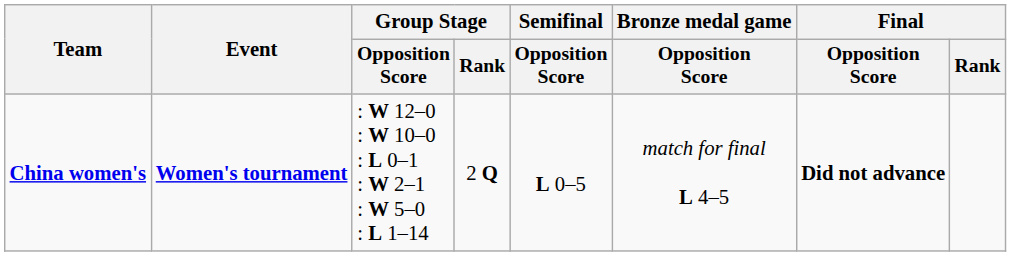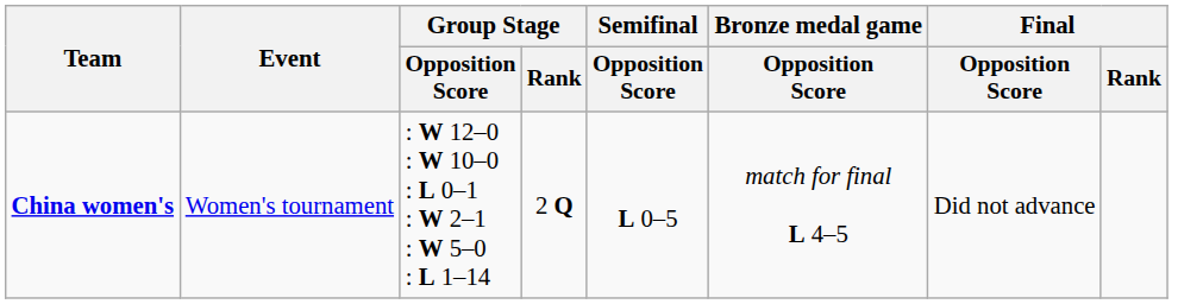 <table class=wikitable style=font-size:90%;text-align:center>
 <tr>
 <th rowspan=2>Team</th>
 <th rowspan=2>Event</th>
 <th colspan=2>Group Stage</th>
 <th>Semifinal</th>
 <th>Bronze medal game</th>
 <th colspan=2>Final</th>
 </tr>
 <tr style=font-size:95%>
 <th>Opposition<br>Score</th>
 <th>Rank</th>
 <th>Opposition<br>Score</th>
 <th>Opposition<br>Score</th>
 <th>Opposition<br>Score</th>
 <th>Rank</th>
 </tr>
 <tr>
 <td align=left><strong><a href='#'>China women's</a></strong></td>
-<td align=left><strong><a href='#'>Women's tournament</a></strong></td>
+<td align=left><a href='#'>Women's tournament</a></td>
 <td align=left>: <strong>W</strong> 12–0<br>: <strong>W</strong> 10–0<br>: <strong>L</strong> 0–1<br>: <strong>W</strong> 2–1<br>: <strong>W</strong> 5–0<br>: <strong>L</strong> 1–14</td>
 <td>2 <strong>Q</strong></td>
 <td><br><strong>L</strong> 0–5</td>
 <td><em>match for final</em><br><br><strong>L</strong> 4–5</td>
-<td><strong>Did not advance</strong></td>
+<td>Did not advance</td>
 <td></td>
 </tr>
 </table>
